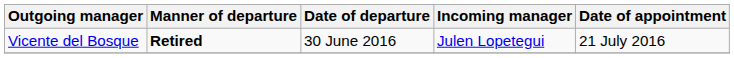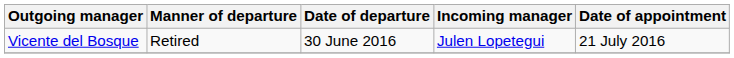 <table class="wikitable sortable">
 <tr>
 <th>Outgoing manager</th>
 <th>Manner of departure</th>
 <th>Date of departure</th>
 <th>Incoming manager</th>
 <th>Date of appointment</th>
 </tr>
 <tr>
 <td> <a href='#'>Vicente del Bosque</a></td>
-<td><strong>Retired</strong></td>
+<td>Retired</td>
 <td>30 June 2016</td>
 <td> <a href='#'>Julen Lopetegui</a></td>
 <td>21 July 2016</td>
 </tr>
 <tr>
 </tr>
 </table>
